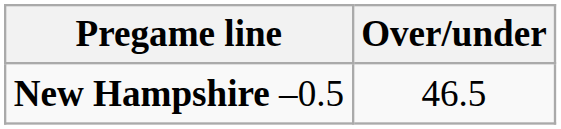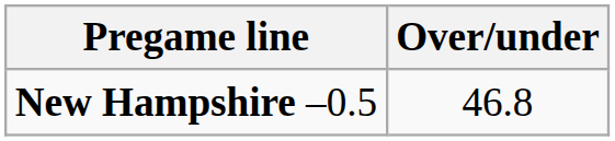 <table class="wikitable">
 <tr align="center">
 <th>Pregame line</th>
 <th>Over/under</th>
 </tr>
 <tr align="center">
 <td><strong>New Hampshire</strong> –0.5</td>
-<td>46.5</td>
+<td>46.8</td>
 </tr>
 </table>
